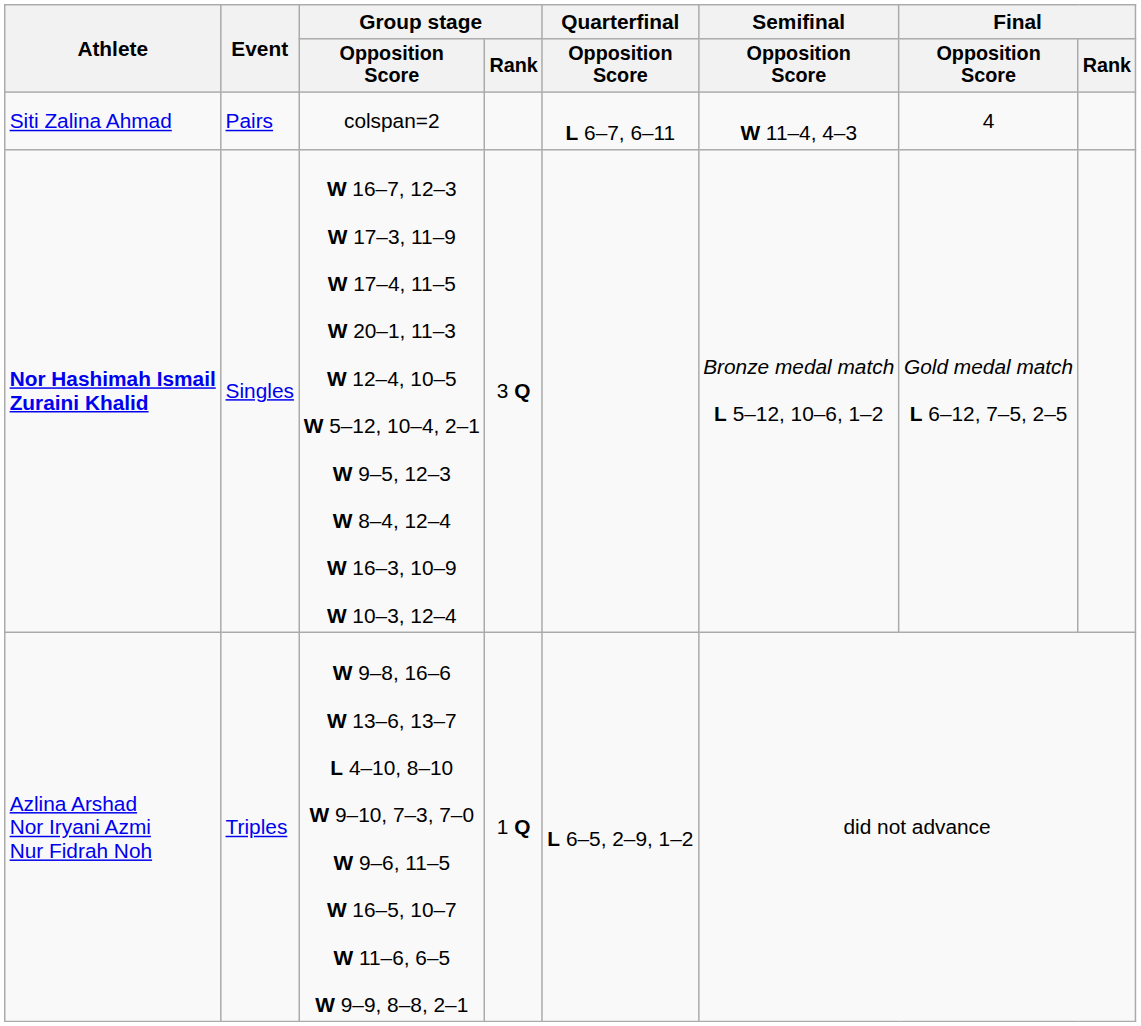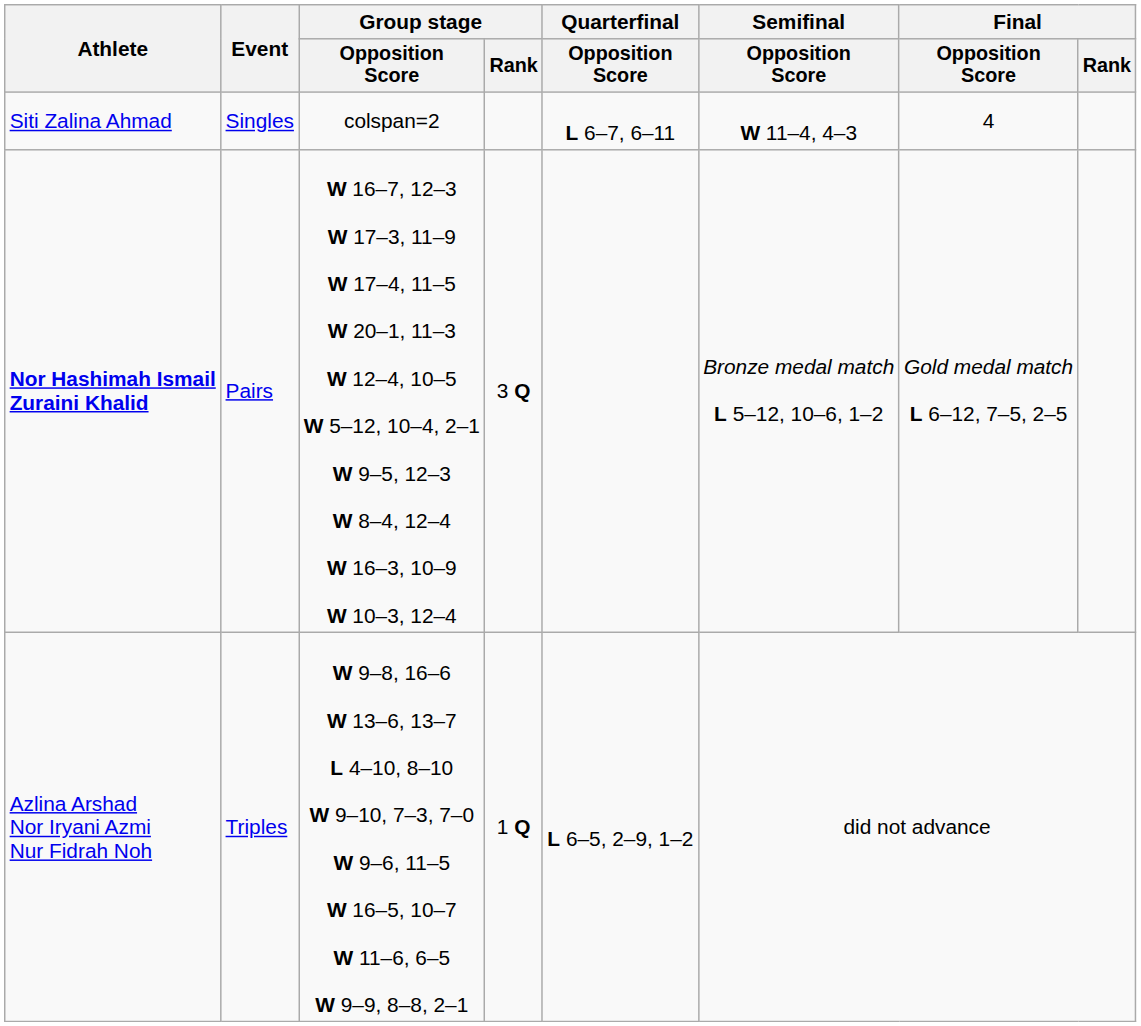 <table class="wikitable" style="font-size:88%">
 <tr>
 <th rowspan=2>Athlete</th>
 <th rowspan=2>Event</th>
 <th colspan=2>Group stage</th>
 <th>Quarterfinal</th>
 <th>Semifinal</th>
 <th colspan=2>Final</th>
 </tr>
 <tr style="font-size:95%">
 <th>Opposition<br>Score</th>
 <th>Rank</th>
 <th>Opposition<br>Score</th>
 <th>Opposition<br>Score</th>
 <th>Opposition<br>Score</th>
 <th>Rank</th>
 </tr>
 <tr align=center>
 <td align=left><a href='#'>Siti Zalina Ahmad</a></td>
-<td align=left><a href='#'>Pairs</a></td>
+<td align=left><a href='#'>Singles</a></td>
 <td>colspan=2 </td>
 <td></td>
 <td><br><strong>L</strong> 6–7, 6–11</td>
 <td><br><strong>W</strong> 11–4, 4–3</td>
 <td>4</td>
 </tr>
 <tr align=center>
 <td align=left><strong><a href='#'>Nor Hashimah Ismail</a><br><a href='#'>Zuraini Khalid</a></strong></td>
-<td align=left><a href='#'>Singles</a></td>
+<td align=left><a href='#'>Pairs</a></td>
 <td><br><strong>W</strong> 16–7, 12–3<br><br><strong>W</strong> 17–3, 11–9<br><br><strong>W</strong> 17–4, 11–5<br><br><strong>W</strong> 20–1, 11–3<br><br><strong>W</strong> 12–4, 10–5<br><br><strong>W</strong> 5–12, 10–4, 2–1<br><br><strong>W</strong> 9–5, 12–3<br><br><strong>W</strong> 8–4, 12–4<br><br><strong>W</strong> 16–3, 10–9<br><br><strong>W</strong> 10–3, 12–4</td>
 <td>3 <strong>Q</strong></td>
 <td></td>
 <td><em>Bronze medal match</em><br><br><strong>L</strong> 5–12, 10–6, 1–2</td>
 <td><em>Gold medal match</em><br><br><strong>L</strong> 6–12, 7–5, 2–5</td>
 <td></td>
 </tr>
 <tr align=center>
 <td align=left><a href='#'>Azlina Arshad</a><br><a href='#'>Nor Iryani Azmi</a><br><a href='#'>Nur Fidrah Noh</a></td>
 <td align=left><a href='#'>Triples</a></td>
 <td><br><strong>W</strong> 9–8, 16–6<br><br><strong>W</strong> 13–6, 13–7<br><br><strong>L</strong> 4–10, 8–10<br><br><strong>W</strong> 9–10, 7–3, 7–0<br><br><strong>W</strong> 9–6, 11–5<br><br><strong>W</strong> 16–5, 10–7<br><br><strong>W</strong> 11–6, 6–5<br><br><strong>W</strong> 9–9, 8–8, 2–1</td>
 <td>1 <strong>Q</strong></td>
 <td><br><strong>L</strong> 6–5, 2–9, 1–2</td>
 <td colspan=3>did not advance</td>
 </tr>
 </table>
